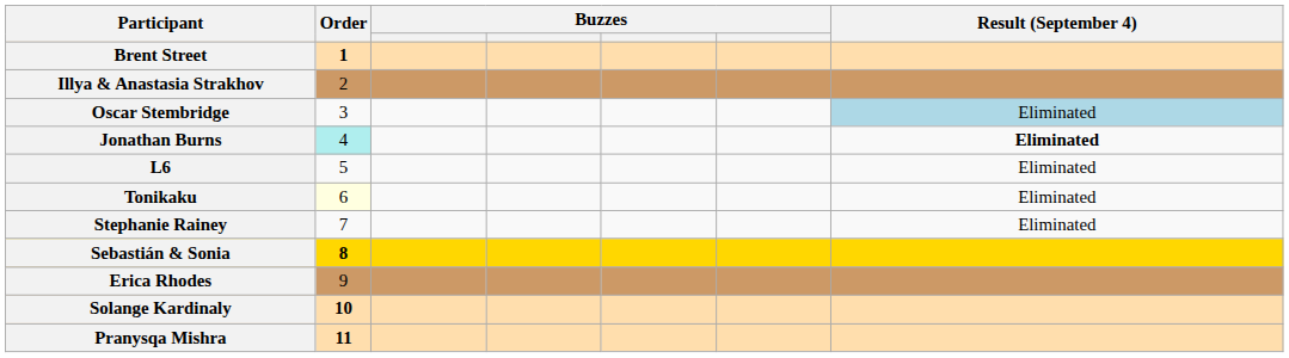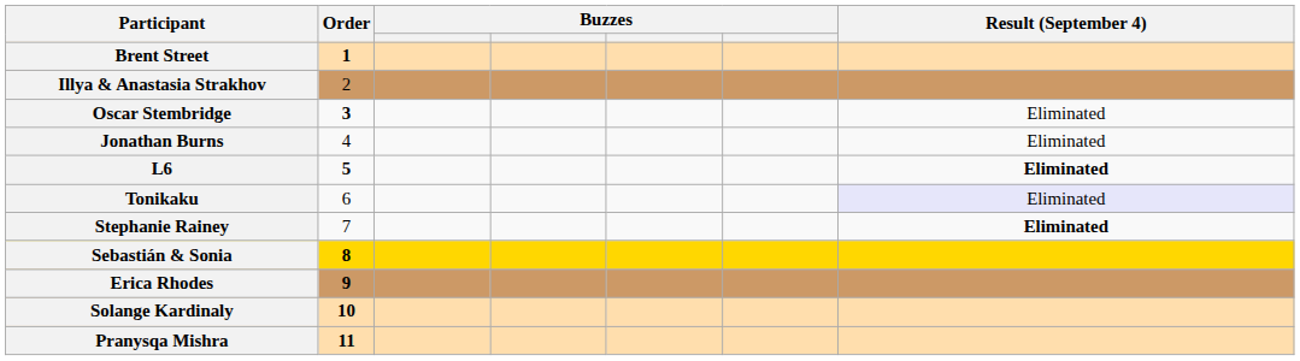 <table class="wikitable plainrowheaders sortable" style="text-align:center;">
 <tr>
 <th scope="col" rowspan="2" class="unsortable" style="width:17em;">Participant</th>
 <th scope="col" rowspan="2" style="width:1em;">Order</th>
 <th scope="col" colspan="4" class="unsortable" style="width:24em;">Buzzes</th>
 <th scope="col" rowspan="2" style="width:25em;">Result (September 4)</th>
 </tr>
 <tr>
 <th scope="col" class="unsortable" style="width:6em;"></th>
 <th scope="col" class="unsortable" style="width:6em;"></th>
 <th scope="col" class="unsortable" style="width:6em;"></th>
 <th scope="col" class="unsortable" style="width:6em;"></th>
 </tr>
 <tr bgcolor=navajowhite>
 <th scope="row"><strong>Brent Street</strong></th>
 <td><strong>1</strong></td>
 <td style="text-align:center;"></td>
 <td style="text-align:center;"></td>
 <td style="text-align:center;"></td>
 <td style="text-align:center;"></td>
 <td><strong></strong></td>
 </tr>
 <tr bgcolor=#c96>
 <th scope="row">Illya & Anastasia Strakhov</th>
 <td>2</td>
 <td style="text-align:center;"></td>
 <td style="text-align:center;"></td>
 <td style="text-align:center;"></td>
 <td style="text-align:center;"></td>
 <td></td>
 </tr>
 <tr>
 <th scope="row">Oscar Stembridge</th>
-<td>3</td>
+<td><strong>3</strong></td>
 <td style="text-align:center;"></td>
 <td style="text-align:center;"></td>
 <td style="text-align:center;"></td>
 <td style="text-align:center;"></td>
-<td style="background: lightblue;">Eliminated</td>
+<td>Eliminated</td>
 </tr>
 <tr>
 <th scope="row">Jonathan Burns</th>
-<td style="background: paleturquoise;">4</td>
+<td>4</td>
+<td style="text-align:center;"></td>
+<td style="text-align:center;"></td>
+<td style="text-align:center;"></td>
+<td style="text-align:center;"></td>
+<td>Eliminated</td>
+</tr>
+<tr>
+<th scope="row">L6</th>
+<td><strong>5</strong></td>
 <td style="text-align:center;"></td>
 <td style="text-align:center;"></td>
 <td style="text-align:center;"></td>
 <td style="text-align:center;"></td>
 <td><strong>Eliminated</strong></td>
 </tr>
 <tr>
-<th scope="row">L6</th>
-<td>5</td>
+<th scope="row">Tonikaku</th>
+<td>6</td>
 <td style="text-align:center;"></td>
 <td style="text-align:center;"></td>
 <td style="text-align:center;"></td>
 <td style="text-align:center;"></td>
-<td>Eliminated</td>
-</tr>
-<tr>
-<th scope="row">Tonikaku</th>
-<td style="background: lightyellow;">6</td>
-<td style="text-align:center;"></td>
-<td style="text-align:center;"></td>
-<td style="text-align:center;"></td>
-<td style="text-align:center;"></td>
-<td>Eliminated</td>
+<td style="background: lavender;">Eliminated</td>
 </tr>
 <tr>
 <th scope="row">Stephanie Rainey</th>
 <td>7</td>
 <td style="text-align:center;"></td>
 <td style="text-align:center;"></td>
 <td style="text-align:center;"></td>
 <td style="text-align:center;"></td>
-<td>Eliminated</td>
+<td><strong>Eliminated</strong></td>
 </tr>
 <tr bgcolor=gold>
 <th scope="row"><strong>Sebastián & Sonia</strong></th>
 <td><strong>8</strong></td>
 <td style="text-align:center;"></td>
 <td style="text-align:center;"></td>
 <td style="text-align:center;"></td>
 <td style="text-align:center;"></td>
 <td><strong></strong></td>
 </tr>
 <tr bgcolor=#c96>
 <th scope="row">Erica Rhodes</th>
-<td>9</td>
+<td><strong>9</strong></td>
 <td style="text-align:center;"></td>
 <td style="text-align:center;"></td>
 <td style="text-align:center;"></td>
 <td style="text-align:center;"></td>
 <td></td>
 </tr>
 <tr bgcolor=navajowhite>
 <th scope="row"><strong>Solange Kardinaly</strong></th>
 <td><strong>10</strong></td>
 <td style="text-align:center;"></td>
 <td style="text-align:center;"></td>
 <td style="text-align:center;"></td>
 <td style="text-align:center;"></td>
 <td><strong></strong></td>
 </tr>
 <tr bgcolor=navajowhite>
 <th scope="row"><strong>Pranysqa Mishra</strong></th>
 <td><strong>11</strong></td>
 <td style="text-align:center;"></td>
 <td style="text-align:center;"></td>
 <td style="text-align:center;"></td>
 <td style="text-align:center;"></td>
 <td><strong></strong></td>
 </tr>
 </table>
